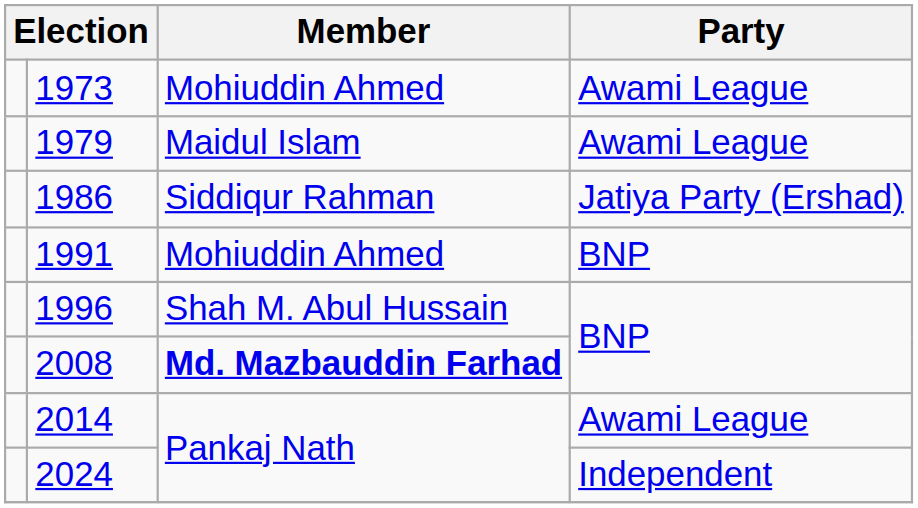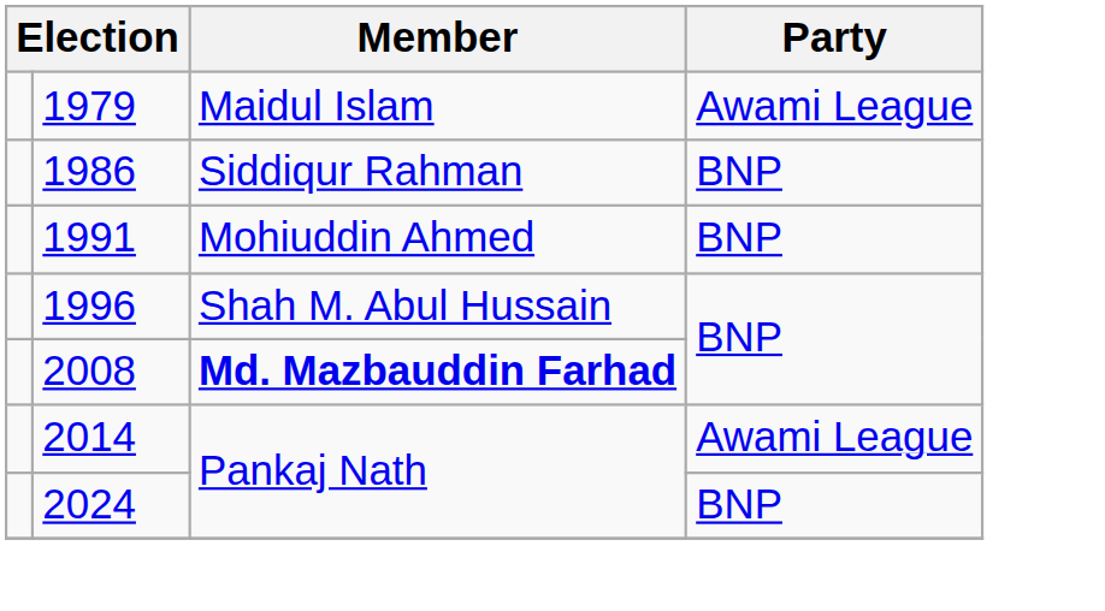 <table class="wikitable">
 <tr>
 <th colspan="2">Election</th>
 <th>Member</th>
 <th>Party</th>
-</tr>
-<tr>
-<td style="background-color:"></td>
-<td><a href='#'>1973</a></td>
-<td><a href='#'>Mohiuddin Ahmed</a></td>
-<td><a href='#'>Awami League</a></td>
 </tr>
 <tr>
 <td style="background-color:"></td>
 <td><a href='#'>1979</a></td>
 <td><a href='#'>Maidul Islam</a></td>
 <td><a href='#'>Awami League</a></td>
 </tr>
 <tr>
 <td style="background-color:"></td>
 <td><a href='#'>1986</a></td>
 <td><a href='#'>Siddiqur Rahman</a></td>
-<td><a href='#'>Jatiya Party (Ershad)</a></td>
+<td><a href='#'>BNP</a></td>
 </tr>
 <tr>
 <td style="background-color:"></td>
 <td><a href='#'>1991</a></td>
 <td><a href='#'>Mohiuddin Ahmed</a></td>
 <td><a href='#'>BNP</a></td>
 </tr>
 <tr>
 <td style="background-color:"></td>
 <td><a href='#'>1996</a></td>
 <td><a href='#'>Shah M. Abul Hussain</a></td>
 <td rowspan="2"><a href='#'>BNP</a></td>
 </tr>
 <tr>
 <td style="background-color:"></td>
 <td><a href='#'>2008</a></td>
 <td><strong><a href='#'>Md. Mazbauddin Farhad</a></strong></td>
 </tr>
 <tr>
 <td style="background-color:"></td>
 <td><a href='#'>2014</a></td>
 <td rowspan="2"><a href='#'>Pankaj Nath</a></td>
 <td><a href='#'>Awami League</a></td>
 </tr>
 <tr>
 <td style="background-color:"></td>
 <td><a href='#'>2024</a></td>
-<td><a href='#'>Independent</a></td>
+<td><a href='#'>BNP</a></td>
 </tr>
 <tr>
 </tr>
 </table>
